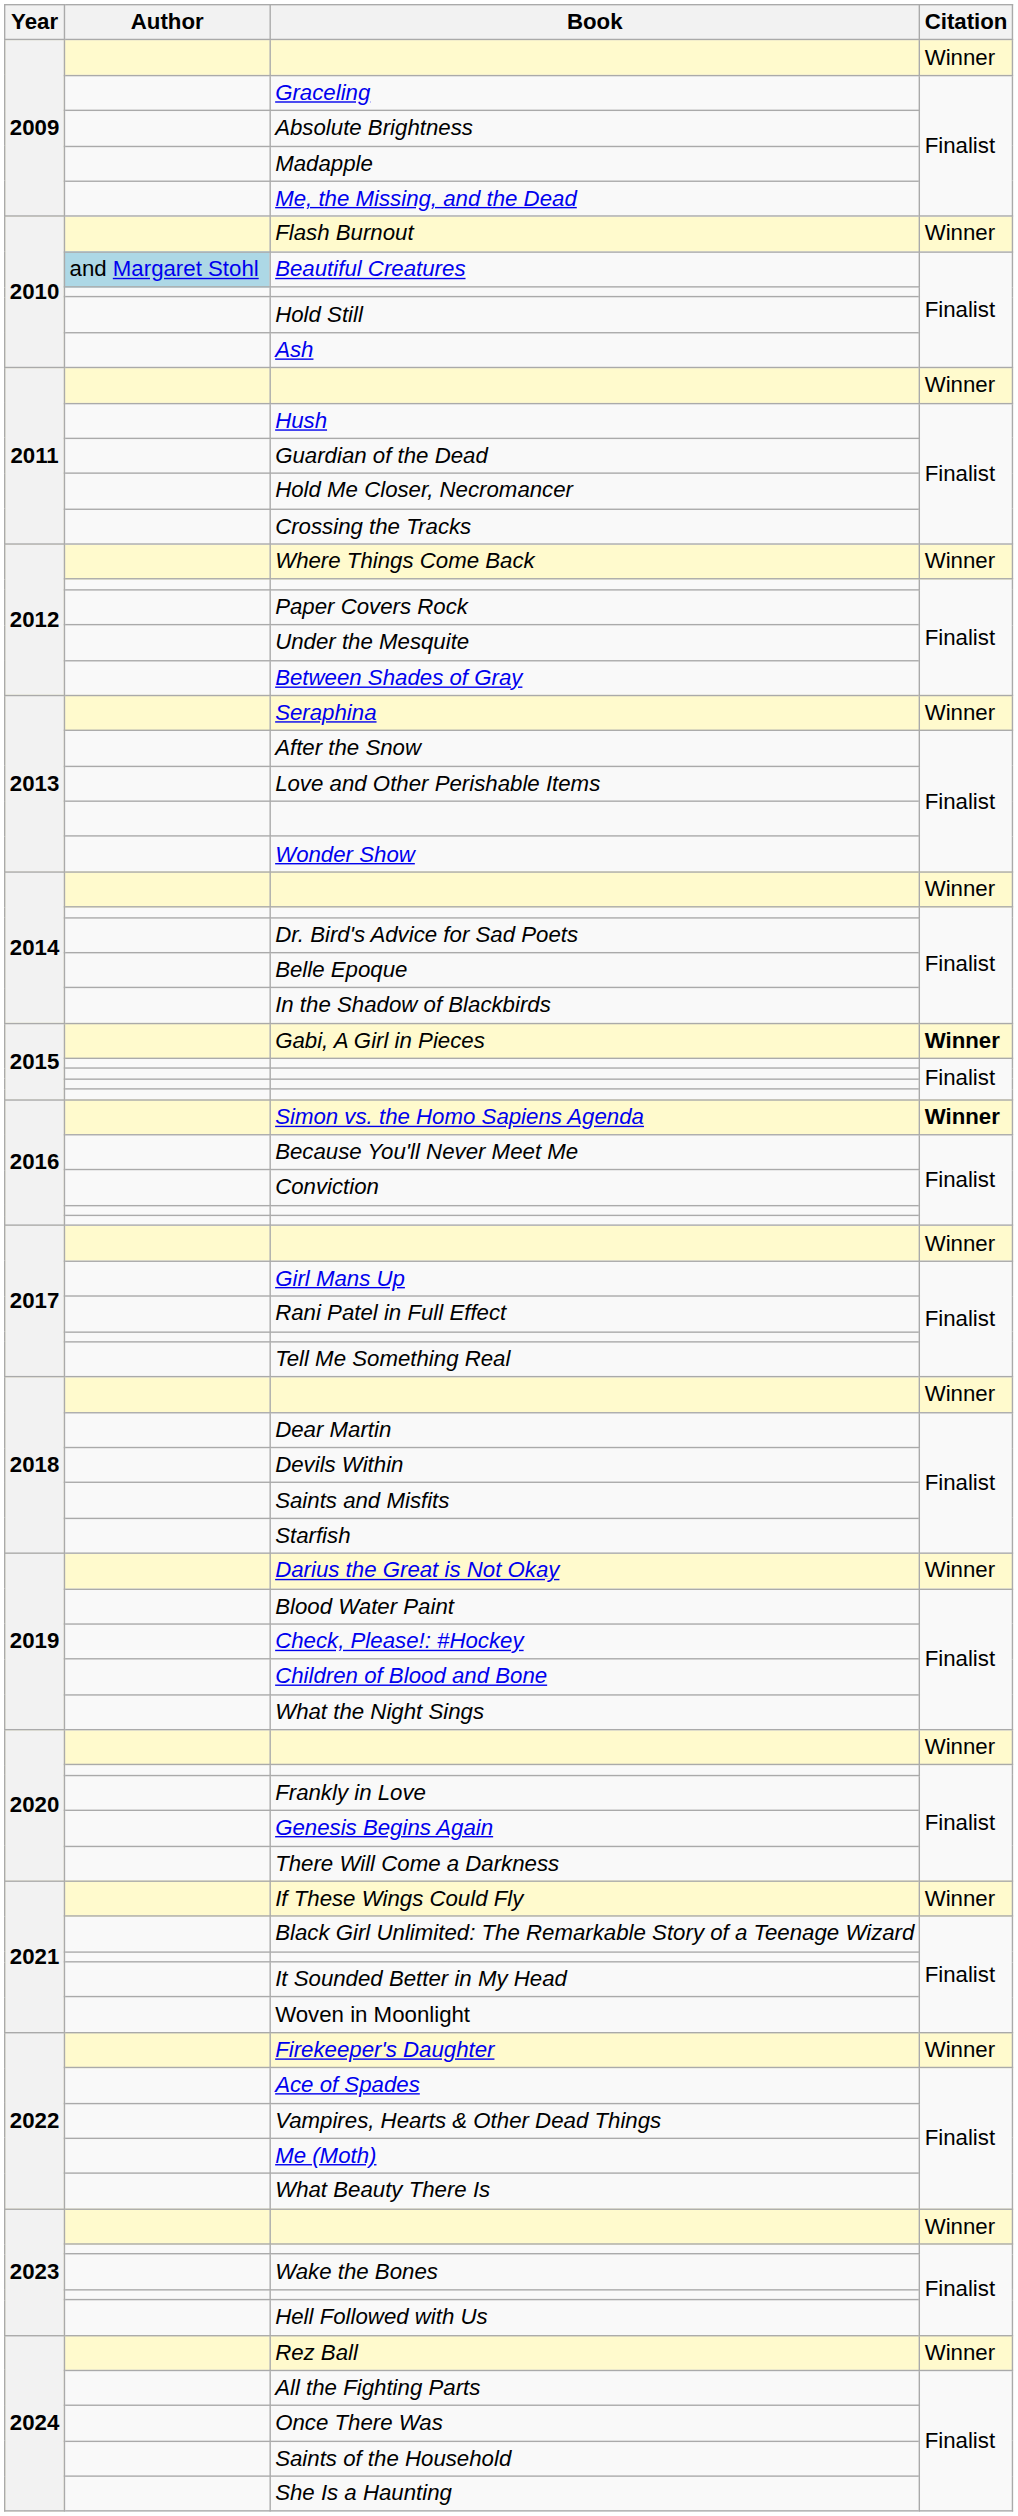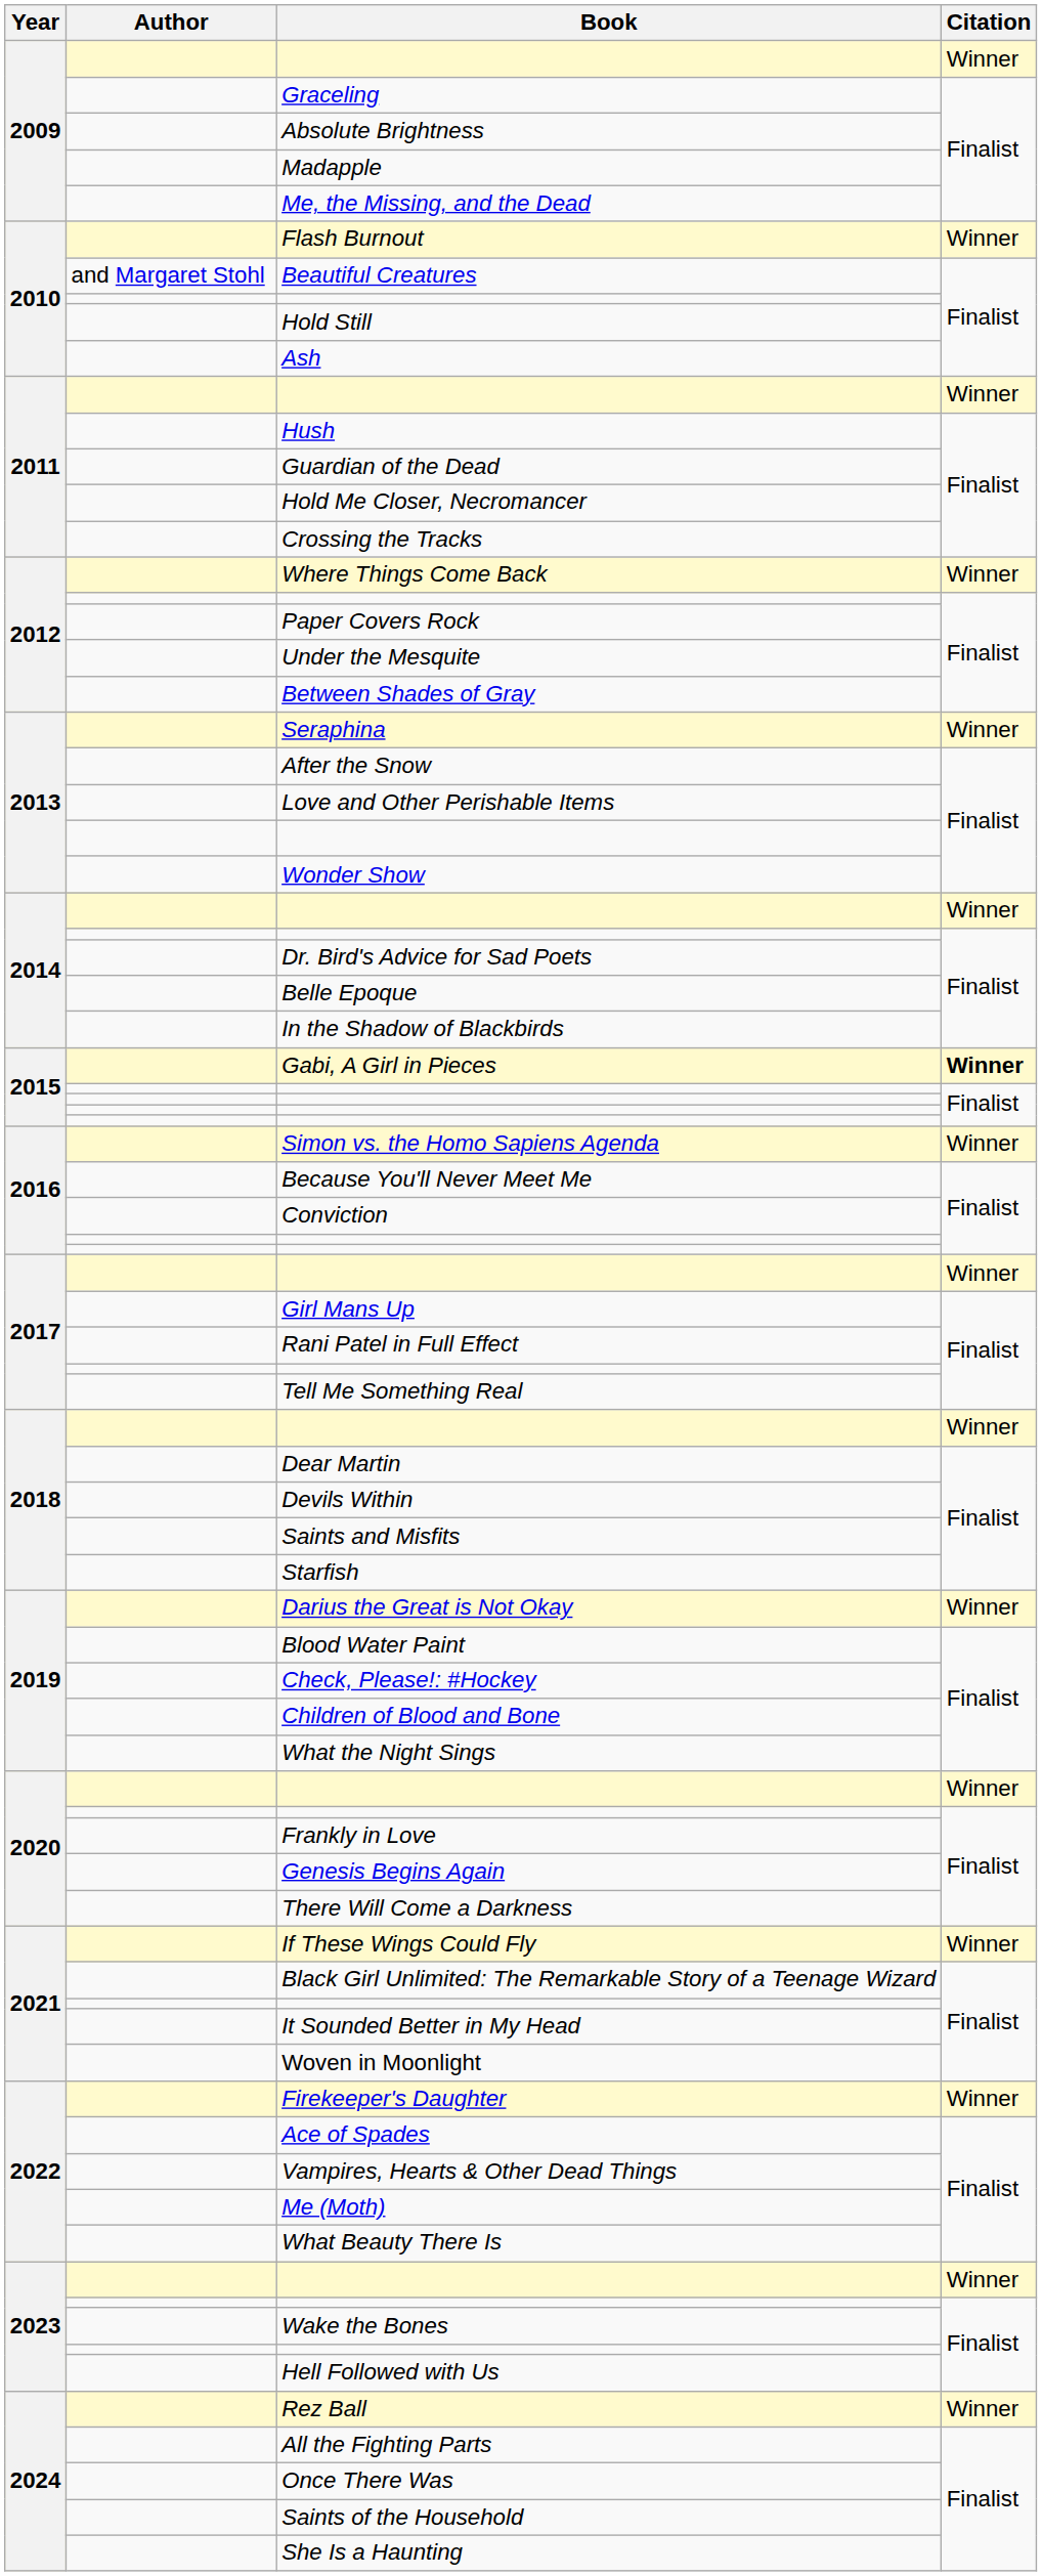 <table class="sortable wikitable">
 <tr>
 <th>Year</th>
 <th>Author</th>
 <th>Book</th>
 <th>Citation</th>
 </tr>
 <tr style="background:LemonChiffon; color:black">
 <th rowspan="5" scope="row"!>2009</th>
 <td></td>
 <td></td>
 <td>Winner</td>
 </tr>
 <tr>
 <td></td>
 <td><em><a href='#'>Graceling</a></em></td>
 <td rowspan="4">Finalist</td>
 </tr>
 <tr>
 <td></td>
 <td><em>Absolute Brightness</em></td>
 </tr>
 <tr>
 <td></td>
 <td><em>Madapple</em></td>
 </tr>
 <tr>
 <td></td>
 <td><em><a href='#'>Me, the Missing, and the Dead</a></em></td>
 </tr>
 <tr style="background:LemonChiffon; color:black">
 <th rowspan="5" scope="row"!>2010</th>
 <td></td>
 <td><em>Flash Burnout</em></td>
 <td>Winner</td>
 </tr>
 <tr>
-<td style="background: lightblue;"> and <a href='#'>Margaret Stohl</a> </td>
+<td> and <a href='#'>Margaret Stohl</a> </td>
 <td><em><a href='#'>Beautiful Creatures</a></em></td>
 <td rowspan="4">Finalist</td>
 </tr>
 <tr>
 <td></td>
 <td></td>
 </tr>
 <tr>
 <td></td>
 <td><em>Hold Still</em></td>
 </tr>
 <tr>
 <td></td>
 <td><em><a href='#'>Ash</a></em></td>
 </tr>
 <tr style="background:LemonChiffon; color:black">
 <th rowspan="5" scope="row"!>2011</th>
 <td></td>
 <td></td>
 <td>Winner</td>
 </tr>
 <tr>
 <td></td>
 <td><em><a href='#'>Hush</a></em></td>
 <td rowspan="4">Finalist</td>
 </tr>
 <tr>
 <td></td>
 <td><em>Guardian of the Dead</em></td>
 </tr>
 <tr>
 <td></td>
 <td><em>Hold Me Closer, Necromancer</em></td>
 </tr>
 <tr>
 <td></td>
 <td><em>Crossing the Tracks</em></td>
 </tr>
 <tr style="background:LemonChiffon; color:black">
 <th rowspan="5" scope="row" !>2012</th>
 <td></td>
 <td><em>Where Things Come Back</em></td>
 <td>Winner</td>
 </tr>
 <tr>
 <td></td>
 <td></td>
 <td rowspan="4">Finalist</td>
 </tr>
 <tr>
 <td></td>
 <td><em>Paper Covers Rock</em></td>
 </tr>
 <tr>
 <td></td>
 <td><em>Under the Mesquite</em></td>
 </tr>
 <tr>
 <td></td>
 <td><em><a href='#'>Between Shades of Gray</a></em></td>
 </tr>
 <tr style="background:LemonChiffon; color:black">
 <th rowspan="5" scope="row" !>2013</th>
 <td></td>
 <td><em><a href='#'>Seraphina</a></em></td>
 <td>Winner</td>
 </tr>
 <tr>
 <td></td>
 <td><em>After the Snow</em></td>
 <td rowspan="4">Finalist</td>
 </tr>
 <tr>
 <td></td>
 <td><em>Love and Other Perishable Items</em></td>
 </tr>
 <tr>
 <td></td>
 <td> </td>
 </tr>
 <tr>
 <td></td>
 <td><em><a href='#'>Wonder Show</a></em></td>
 </tr>
 <tr style="background:LemonChiffon; color:black">
 <th rowspan="5" scope="row" !>2014</th>
 <td></td>
 <td></td>
 <td>Winner</td>
 </tr>
 <tr>
 <td></td>
 <td></td>
 <td rowspan="4">Finalist</td>
 </tr>
 <tr>
 <td></td>
 <td><em>Dr. Bird's Advice for Sad Poets</em></td>
 </tr>
 <tr>
 <td></td>
 <td><em>Belle Epoque</em></td>
 </tr>
 <tr>
 <td></td>
 <td><em>In the Shadow of Blackbirds</em></td>
 </tr>
 <tr style="background:LemonChiffon; color:black">
 <th rowspan="5" scope="row"!>2015</th>
 <td> </td>
 <td> <em>Gabi, A Girl in Pieces</em></td>
 <td><strong> Winner</strong></td>
 </tr>
 <tr>
 <td> </td>
 <td> </td>
 <td rowspan="4">Finalist</td>
 </tr>
 <tr>
 <td> </td>
 <td> </td>
 </tr>
 <tr>
 <td> </td>
 <td> </td>
 </tr>
 <tr>
 <td> </td>
 <td> </td>
 </tr>
 <tr style="background:LemonChiffon; color:black">
 <th rowspan="5" scope="row"!>2016</th>
 <td></td>
 <td><em><a href='#'>Simon vs. the Homo Sapiens Agenda</a></em></td>
-<td><strong> Winner</strong></td>
+<td> Winner</td>
 </tr>
 <tr>
 <td></td>
 <td><em>Because You'll Never Meet Me</em></td>
 <td rowspan="4">Finalist</td>
 </tr>
 <tr>
 <td></td>
 <td><em>Conviction</em></td>
 </tr>
 <tr>
 <td></td>
 <td></td>
 </tr>
 <tr>
 <td></td>
 <td></td>
 </tr>
 <tr style="background:LemonChiffon; color:black">
 <th rowspan="5" scope="row"!>2017</th>
 <td></td>
 <td></td>
 <td> Winner</td>
 </tr>
 <tr>
 <td></td>
 <td><em><a href='#'>Girl Mans Up</a></em></td>
 <td rowspan="4">Finalist</td>
 </tr>
 <tr>
 <td></td>
 <td><em>Rani Patel in Full Effect</em></td>
 </tr>
 <tr>
 <td></td>
 <td></td>
 </tr>
 <tr>
 <td></td>
 <td><em>Tell Me Something Real</em></td>
 </tr>
 <tr style="background:LemonChiffon; color:black">
 <th rowspan="5" scope="row"!>2018</th>
 <td></td>
 <td></td>
 <td> Winner</td>
 </tr>
 <tr>
 <td></td>
 <td><em>Dear Martin</em></td>
 <td rowspan="4">Finalist</td>
 </tr>
 <tr>
 <td></td>
 <td><em>Devils Within</em></td>
 </tr>
 <tr>
 <td></td>
 <td><em>Saints and Misfits</em></td>
 </tr>
 <tr>
 <td></td>
 <td><em>Starfish</em></td>
 </tr>
 <tr style="background:LemonChiffon; color:black">
 <th rowspan="5" scope="row"!>2019</th>
 <td></td>
 <td><em><a href='#'>Darius the Great is Not Okay</a></em></td>
 <td> Winner</td>
 </tr>
 <tr>
 <td></td>
 <td><em>Blood Water Paint</em></td>
 <td rowspan="4">Finalist</td>
 </tr>
 <tr>
 <td></td>
 <td><em><a href='#'>Check, Please!: #Hockey</a></em></td>
 </tr>
 <tr>
 <td></td>
 <td><em><a href='#'>Children of Blood and Bone</a></em></td>
 </tr>
 <tr>
 <td></td>
 <td><em>What the Night Sings</em></td>
 </tr>
 <tr style="background:LemonChiffon; color:black">
 <th rowspan="5" scope="row" !>2020</th>
 <td></td>
 <td></td>
 <td>Winner</td>
 </tr>
 <tr style="color:black">
 <td></td>
 <td></td>
 <td rowspan="4">Finalist</td>
 </tr>
 <tr>
 <td></td>
 <td><em>Frankly in Love</em></td>
 </tr>
 <tr>
 <td></td>
 <td><em><a href='#'>Genesis Begins Again</a></em></td>
 </tr>
 <tr>
 <td></td>
 <td><em>There Will Come a Darkness</em></td>
 </tr>
 <tr style="background:LemonChiffon; color:black">
 <th rowspan="5" scope="row" !>2021</th>
 <td></td>
 <td><em>If These Wings Could Fly</em></td>
 <td>Winner</td>
 </tr>
 <tr>
 <td></td>
 <td><em>Black Girl Unlimited: The Remarkable Story of a Teenage Wizard</em></td>
 <td rowspan="4">Finalist</td>
 </tr>
 <tr>
 <td></td>
 <td></td>
 </tr>
 <tr>
 <td></td>
 <td><em>It Sounded Better in My Head</em></td>
 </tr>
 <tr>
 <td></td>
 <td>Woven in Moonlight</td>
 </tr>
 <tr style="background:LemonChiffon; color:black">
 <th rowspan="5">2022</th>
 <td></td>
 <td><em><a href='#'>Firekeeper's Daughter</a></em></td>
 <td>Winner</td>
 </tr>
 <tr>
 <td></td>
 <td><em><a href='#'>Ace of Spades</a></em></td>
 <td rowspan="4">Finalist</td>
 </tr>
 <tr>
 <td></td>
 <td><em>Vampires, Hearts & Other Dead Things</em></td>
 </tr>
 <tr>
 <td></td>
 <td><em><a href='#'>Me (Moth)</a></em></td>
 </tr>
 <tr>
 <td></td>
 <td><em>What Beauty There Is</em></td>
 </tr>
 <tr style="background:LemonChiffon; color:black">
 <th rowspan="5" scope="row" !>2023</th>
 <td></td>
 <td></td>
 <td>Winner</td>
 </tr>
 <tr>
 <td></td>
 <td></td>
 <td rowspan="4">Finalist</td>
 </tr>
 <tr>
 <td></td>
 <td><em>Wake the Bones</em></td>
 </tr>
 <tr>
 <td></td>
 <td></td>
 </tr>
 <tr>
 <td></td>
 <td><em>Hell Followed with Us</em></td>
 </tr>
 <tr style="background:LemonChiffon; color:black">
 <th rowspan="5" scope="row" !>2024</th>
 <td></td>
 <td><em>Rez Ball</em></td>
 <td>Winner</td>
 </tr>
 <tr>
 <td></td>
 <td><em>All the Fighting Parts</em></td>
 <td rowspan="4">Finalist</td>
 </tr>
 <tr>
 <td></td>
 <td><em>Once There Was</em></td>
 </tr>
 <tr>
 <td></td>
 <td><em>Saints of the Household</em></td>
 </tr>
 <tr>
 <td></td>
 <td><em>She Is a Haunting</em></td>
 </tr>
 </table>
